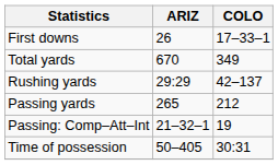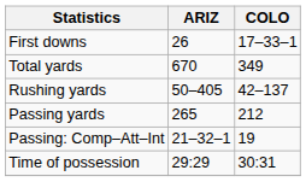 <table class="wikitable" style="float: left;">
 <tr>
 <th>Statistics</th>
 <th>ARIZ</th>
 <th>COLO</th>
 </tr>
 <tr>
 <td>First downs</td>
 <td>26</td>
 <td>17–33–1</td>
 </tr>
 <tr>
 <td>Total yards</td>
 <td>670</td>
 <td>349</td>
 </tr>
 <tr>
 <td>Rushing yards</td>
-<td>29:29</td>
+<td>50–405</td>
 <td>42–137</td>
 </tr>
 <tr>
 <td>Passing yards</td>
 <td>265</td>
 <td>212</td>
 </tr>
 <tr>
 <td>Passing: Comp–Att–Int</td>
 <td>21–32–1</td>
 <td>19</td>
 </tr>
 <tr>
 <td>Time of possession</td>
-<td>50–405</td>
+<td>29:29</td>
 <td>30:31</td>
 </tr>
 <tr>
 </tr>
 </table>
